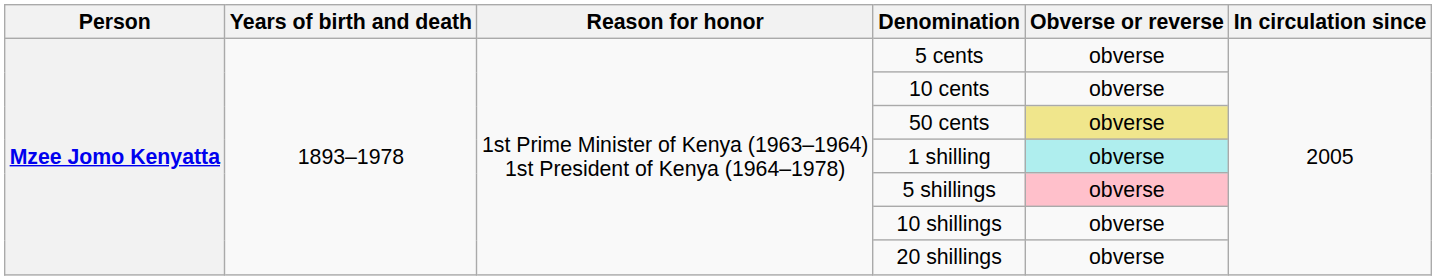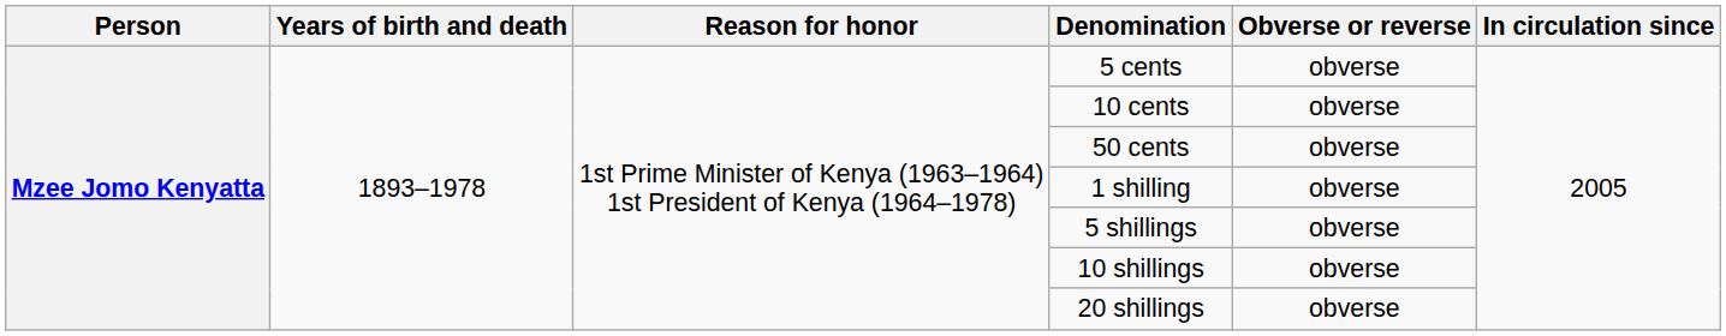 <table class="wikitable" style="font-size:95%; text-align:center;">
 <tr>
 <th>Person</th>
 <th>Years of birth and death</th>
 <th>Reason for honor</th>
 <th>Denomination</th>
 <th>Obverse or reverse</th>
 <th>In circulation since</th>
 </tr>
 <tr>
 <th rowspan="7"><a href='#'>Mzee Jomo Kenyatta</a></th>
 <td rowspan="7">1893–1978</td>
 <td rowspan="7">1st Prime Minister of Kenya (1963–1964)<br>1st President of Kenya (1964–1978)</td>
 <td>5 cents</td>
 <td>obverse</td>
 <td rowspan="7">2005</td>
 </tr>
 <tr>
 <td>10 cents</td>
 <td>obverse</td>
 </tr>
 <tr>
 <td>50 cents</td>
-<td style="background: khaki;">obverse</td>
+<td>obverse</td>
 </tr>
 <tr>
 <td>1 shilling</td>
-<td style="background: paleturquoise;">obverse</td>
+<td>obverse</td>
 </tr>
 <tr>
 <td>5 shillings</td>
-<td style="background: pink;">obverse</td>
+<td>obverse</td>
 </tr>
 <tr>
 <td>10 shillings</td>
 <td>obverse</td>
 </tr>
 <tr>
 <td>20 shillings</td>
 <td>obverse</td>
 </tr>
 </table>
